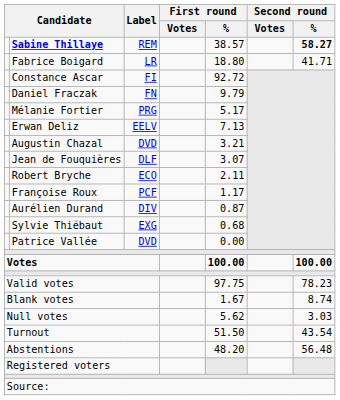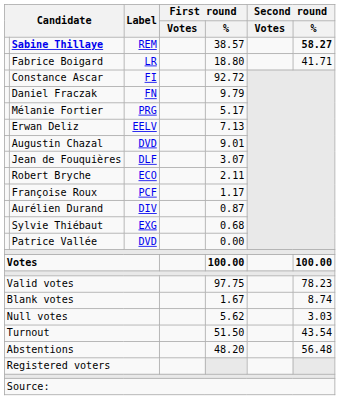 <table class="wikitable" style="text-align:right;font-size:95%;">
 <tr>
 <th rowspan="2" colspan="2">Candidate</th>
 <th rowspan="2">Label</th>
 <th colspan="2">First round</th>
 <th colspan="2">Second round</th>
 </tr>
 <tr>
 <th style="width:50px;">Votes</th>
 <th style="width:45px;">%</th>
 <th style="width:50px;">Votes</th>
 <th style="width:45px;">%</th>
 </tr>
 <tr>
 <td style="color:inherit;background:"></td>
 <td style="text-align:left;"><strong><a href='#'>Sabine Thillaye</a></strong></td>
 <td><a href='#'>REM</a></td>
 <td></td>
 <td>38.57</td>
 <td><strong></strong></td>
 <td><strong>58.27</strong></td>
 </tr>
 <tr>
 <td style="color:inherit;background:"></td>
 <td style="text-align:left;">Fabrice Boigard</td>
 <td><a href='#'>LR</a></td>
 <td></td>
 <td>18.80</td>
 <td></td>
 <td>41.71</td>
 </tr>
 <tr>
 <td style="color:inherit;background:"></td>
 <td style="text-align:left;">Constance Ascar</td>
 <td><a href='#'>FI</a></td>
 <td></td>
 <td>92.72</td>
 <td colspan="2" rowspan="11" style="background:#E9E9E9;"></td>
 </tr>
 <tr>
 <td style="color:inherit;background:"></td>
 <td style="text-align:left;">Daniel Fraczak</td>
 <td><a href='#'>FN</a></td>
 <td></td>
 <td>9.79</td>
 </tr>
 <tr>
 <td style="color:inherit;background:"></td>
 <td style="text-align:left;">Mélanie Fortier</td>
 <td><a href='#'>PRG</a></td>
 <td></td>
 <td>5.17</td>
 </tr>
 <tr>
 <td style="color:inherit;background:"></td>
 <td style="text-align:left;">Erwan Deliz</td>
 <td><a href='#'>EELV</a></td>
 <td></td>
 <td>7.13</td>
 </tr>
 <tr>
 <td style="color:inherit;background:"></td>
 <td style="text-align:left;">Augustin Chazal</td>
 <td><a href='#'>DVD</a></td>
 <td></td>
-<td>3.21</td>
+<td>9.01</td>
 </tr>
 <tr>
 <td style="color:inherit;background:"></td>
 <td style="text-align:left;">Jean de Fouquières</td>
 <td><a href='#'>DLF</a></td>
 <td></td>
 <td>3.07</td>
 </tr>
 <tr>
 <td style="color:inherit;background:"></td>
 <td style="text-align:left;">Robert Bryche</td>
 <td><a href='#'>ECO</a></td>
 <td></td>
 <td>2.11</td>
 </tr>
 <tr>
 <td style="color:inherit;background:"></td>
 <td style="text-align:left;">Françoise Roux</td>
 <td><a href='#'>PCF</a></td>
 <td></td>
 <td>1.17</td>
 </tr>
 <tr>
 <td style="color:inherit;background:"></td>
 <td style="text-align:left;">Aurélien Durand</td>
 <td><a href='#'>DIV</a></td>
 <td></td>
 <td>0.87</td>
 </tr>
 <tr>
 <td style="color:inherit;background:"></td>
 <td style="text-align:left;">Sylvie Thiébaut</td>
 <td><a href='#'>EXG</a></td>
 <td></td>
 <td>0.68</td>
 </tr>
 <tr>
 <td style="color:inherit;background:"></td>
 <td style="text-align:left;">Patrice Vallée</td>
 <td><a href='#'>DVD</a></td>
 <td></td>
 <td>0.00</td>
 </tr>
 <tr>
 <td colspan="7" style="background:#E9E9E9;"></td>
 </tr>
 <tr style="font-weight:bold;">
 <td colspan="3" style="text-align:left;">Votes</td>
 <td></td>
 <td>100.00</td>
 <td></td>
 <td>100.00</td>
 </tr>
 <tr>
 <td colspan="7" style="background:#E9E9E9;"></td>
 </tr>
 <tr>
 <td colspan="3" style="text-align:left;">Valid votes</td>
 <td></td>
 <td>97.75</td>
 <td></td>
 <td>78.23</td>
 </tr>
 <tr>
 <td colspan="3" style="text-align:left;">Blank votes</td>
 <td></td>
 <td>1.67</td>
 <td></td>
 <td>8.74</td>
 </tr>
 <tr>
 <td colspan="3" style="text-align:left;">Null votes</td>
 <td></td>
 <td>5.62</td>
 <td></td>
 <td>3.03</td>
 </tr>
 <tr>
 <td colspan="3" style="text-align:left;">Turnout</td>
 <td></td>
 <td>51.50</td>
 <td></td>
 <td>43.54</td>
 </tr>
 <tr>
 <td colspan="3" style="text-align:left;">Abstentions</td>
 <td></td>
 <td>48.20</td>
 <td></td>
 <td>56.48</td>
 </tr>
 <tr>
 <td colspan="3" style="text-align:left;">Registered voters</td>
 <td></td>
 <td style="color:inherit;background:#E9E9E9;"></td>
 <td></td>
 <td style="color:inherit;background:#E9E9E9;"></td>
 </tr>
 <tr>
 <td colspan="7" style="background:#E9E9E9;"></td>
 </tr>
 <tr>
 <td colspan="7" style="text-align:left;">Source: </td>
 </tr>
 </table>
